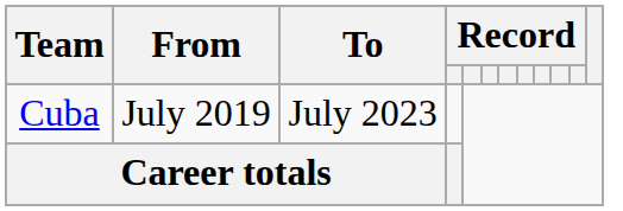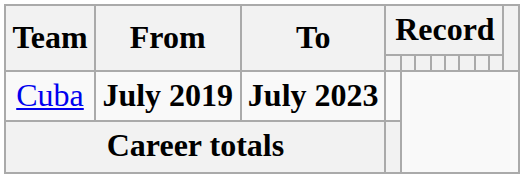 <table class="wikitable" style="text-align: center">
 <tr>
 <th rowspan="2">Team</th>
 <th rowspan="2">From</th>
 <th rowspan="2">To</th>
 <th colspan="8">Record</th>
 <th rowspan="2"></th>
 </tr>
 <tr>
 <th></th>
 <th></th>
 <th></th>
 <th></th>
 <th></th>
 <th></th>
 <th></th>
 <th></th>
 </tr>
 <tr>
 <td><a href='#'>Cuba</a></td>
-<td>July 2019</td>
-<td>July 2023<br></td>
+<td><strong>July 2019</strong></td>
+<td><strong>July 2023<br></strong></td>
 <td></td>
 </tr>
 <tr>
 <th colspan=3>Career totals<br></th>
 <th></th>
 </tr>
 </table>
